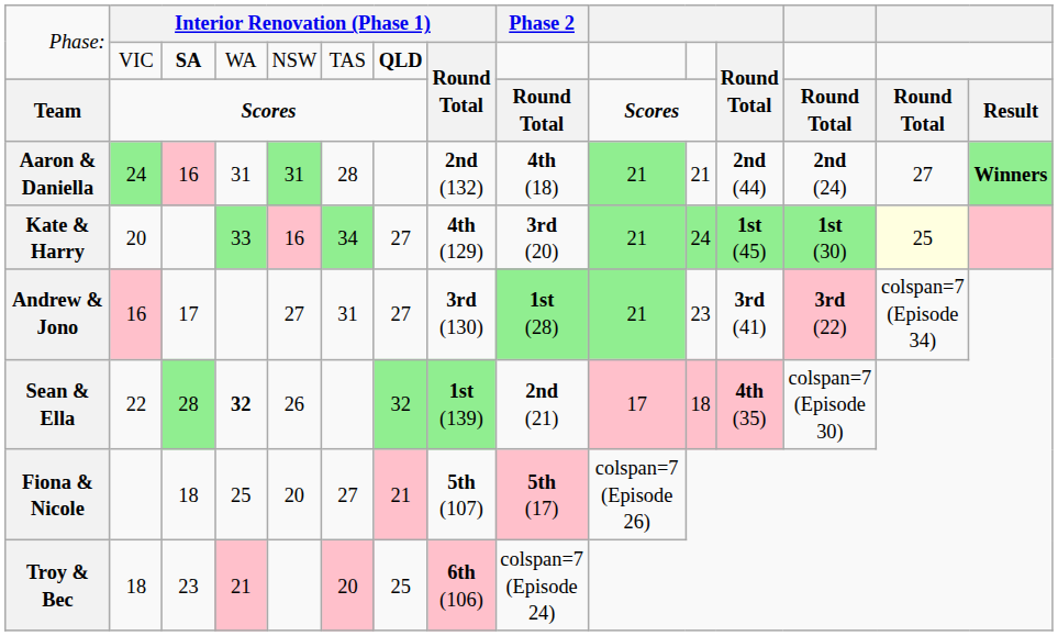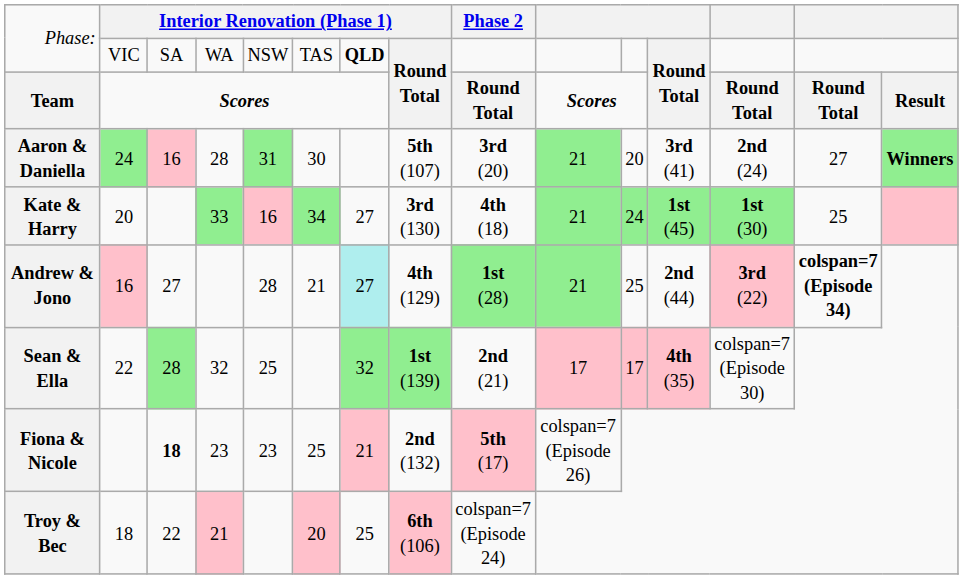 <table class="wikitable" style="text-align: center; font-size: 9pt; line-height:16px; width:100%">
 <tr>
 <td style="width:10%; text-align:right;" rowspan="2"><em>Phase:</em></td>
 <th colspan="7"><a href='#'>Interior Renovation (Phase 1)</a></th>
 <th><a href='#'>Phase 2</a></th>
 <th colspan="3"></th>
 <th></th>
 <th colspan="2"></th>
 </tr>
 <tr>
 <td style="width:5%;">VIC</td>
-<td style="width:5%;"><strong>SA</strong></td>
+<td style="width:5%;">SA</td>
 <td style="width:5%;">WA</td>
 <td style="width:5%;">NSW</td>
 <td style="width:5%;">TAS</td>
 <td style="width:5%;"><strong>QLD</strong></td>
 <th rowspan="2" style="width:5%;">Round Total </th>
 <td></td>
 <td></td>
 <td></td>
 <th rowspan="2" style="width:5%;">Round Total </th>
 <td></td>
 <td colspan="2" style="width:5%;"></td>
 </tr>
 <tr>
 <th>Team</th>
 <td colspan="6"><strong><em>Scores</em></strong></td>
 <th style="width:5%;">Round Total </th>
 <td colspan="2"><strong><em>Scores</em></strong></td>
 <th style="width:5%;">Round Total </th>
 <th style="width:5%;">Round Total </th>
 <th style="width:5%;">Result</th>
 </tr>
 <tr>
 <th style="font-size: 9pt">Aaron & Daniella</th>
 <td style="background:lightgreen">24</td>
 <td style="background:pink">16</td>
-<td>31</td>
+<td>28</td>
 <td style="background:lightgreen">31</td>
-<td>28</td>
+<td>30</td>
 <td></td>
-<td><strong>2nd</strong><br>(132)</td>
-<td><strong>4th</strong><br>(18)</td>
+<td><strong>5th</strong><br>(107)</td>
+<td><strong>3rd</strong><br>(20)</td>
 <td style="background:lightgreen">21</td>
-<td>21</td>
-<td><strong>2nd</strong><br>(44)</td>
+<td>20</td>
+<td><strong>3rd</strong><br>(41)</td>
 <td><strong>2nd</strong><br>(24)</td>
 <td>27</td>
 <td style="background:lightgreen"><strong>Winners</strong></td>
 </tr>
 <tr>
 <th style="font-size: 9pt">Kate & Harry</th>
 <td>20</td>
 <td></td>
 <td style="background:lightgreen">33</td>
 <td style="background:pink">16</td>
 <td style="background:lightgreen">34</td>
 <td>27</td>
-<td><strong>4th</strong><br>(129)</td>
-<td><strong>3rd</strong><br>(20)</td>
+<td><strong>3rd</strong><br>(130)</td>
+<td><strong>4th</strong><br>(18)</td>
 <td style="background:lightgreen">21</td>
 <td style="background:lightgreen">24</td>
 <td style="background:lightgreen"><strong>1st</strong><br>(45)</td>
 <td style="background:lightgreen"><strong>1st</strong><br>(30)</td>
-<td style="background: lightyellow;">25</td>
+<td>25</td>
 <td style="background:pink"></td>
 </tr>
 <tr>
 <th style="font-size: 9pt">Andrew & Jono</th>
 <td style="background:pink">16</td>
-<td>17</td>
+<td>27</td>
 <td></td>
-<td>27</td>
-<td>31</td>
-<td>27</td>
-<td><strong>3rd</strong><br>(130)</td>
+<td>28</td>
+<td>21</td>
+<td style="background: paleturquoise;">27</td>
+<td><strong>4th</strong><br>(129)</td>
 <td style="background:lightgreen"><strong>1st</strong><br>(28)</td>
 <td style="background:lightgreen">21</td>
-<td>23</td>
-<td><strong>3rd</strong><br>(41)</td>
+<td>25</td>
+<td><strong>2nd</strong><br>(44)</td>
 <td style="background:pink"><strong>3rd</strong><br>(22)</td>
-<td>colspan=7 <br>(Episode 34)</td>
+<td><strong>colspan=7 <br>(Episode 34)</strong></td>
 </tr>
 <tr>
 <th style="font-size: 9pt">Sean & Ella</th>
 <td>22</td>
 <td style="background:lightgreen">28</td>
-<td><strong>32</strong></td>
-<td>26</td>
+<td>32</td>
+<td>25</td>
 <td></td>
 <td style="background:lightgreen">32</td>
 <td style="background:lightgreen"><strong>1st</strong><br>(139)</td>
 <td><strong>2nd</strong><br>(21)</td>
 <td style="background:pink">17</td>
-<td style="background:pink">18</td>
+<td style="background:pink">17</td>
 <td style="background:pink"><strong>4th</strong><br>(35)</td>
 <td>colspan=7 <br>(Episode 30)</td>
 </tr>
 <tr>
 <th style="font-size: 9pt">Fiona & Nicole</th>
 <td></td>
-<td>18</td>
+<td><strong>18</strong></td>
+<td>23</td>
+<td>23</td>
 <td>25</td>
-<td>20</td>
-<td>27</td>
 <td style="background:pink">21</td>
-<td><strong>5th</strong><br>(107)</td>
+<td><strong>2nd</strong><br>(132)</td>
 <td style="background:pink"><strong>5th</strong><br>(17)</td>
 <td>colspan=7 <br>(Episode 26)</td>
 </tr>
 <tr>
 <th style="font-size: 9pt">Troy & Bec</th>
 <td>18</td>
-<td>23</td>
+<td>22</td>
 <td style="background:pink">21</td>
 <td></td>
 <td style="background:pink">20</td>
 <td>25</td>
 <td style="background:pink"><strong>6th</strong><br>(106)</td>
 <td>colspan=7 <br>(Episode 24)</td>
 </tr>
 </table>
